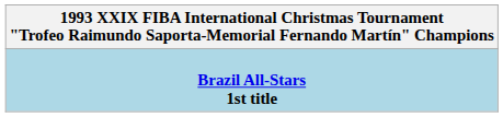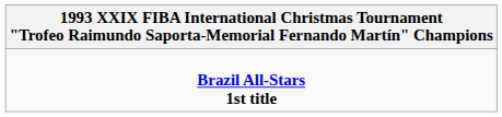 <table class=wikitable style="text-align:center; margin:auto">
 <tr>
 <th>1993 XXIX FIBA International Christmas Tournament<br>"Trofeo Raimundo Saporta-Memorial Fernando Martín" Champions</th>
 </tr>
 <tr>
-<td style="background: lightblue;"><br><strong><a href='#'>Brazil All-Stars</a></strong><br><strong>1st title</strong></td>
+<td><br><strong><a href='#'>Brazil All-Stars</a></strong><br><strong>1st title</strong></td>
 </tr>
 </table>
